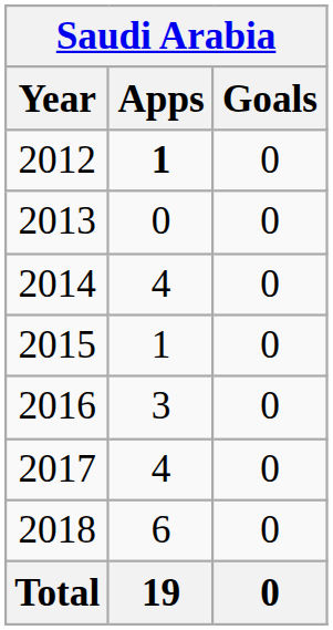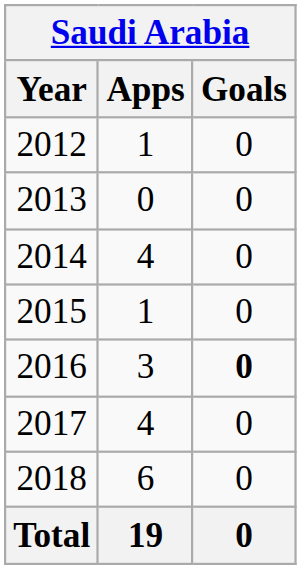 <table class="wikitable" style="text-align:center">
 <tr>
 <th colspan=3><a href='#'>Saudi Arabia</a></th>
 </tr>
 <tr>
 <th>Year</th>
 <th>Apps</th>
 <th>Goals</th>
 </tr>
 <tr>
 <td>2012</td>
-<td><strong>1</strong></td>
+<td>1</td>
 <td>0</td>
 </tr>
 <tr>
 <td>2013</td>
 <td>0</td>
 <td>0</td>
 </tr>
 <tr>
 <td>2014</td>
 <td>4</td>
 <td>0</td>
 </tr>
 <tr>
 <td>2015</td>
 <td>1</td>
 <td>0</td>
 </tr>
 <tr>
 <td>2016</td>
 <td>3</td>
-<td>0</td>
+<td><strong>0</strong></td>
 </tr>
 <tr>
 <td>2017</td>
 <td>4</td>
 <td>0</td>
 </tr>
 <tr>
 <td>2018</td>
 <td>6</td>
 <td>0</td>
 </tr>
 <tr>
 <th>Total</th>
 <th>19</th>
 <th>0</th>
 </tr>
 </table>
